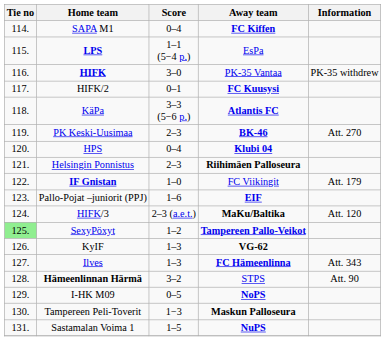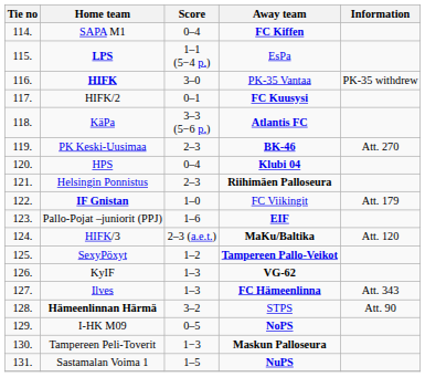 <table class="wikitable" style="text-align:center">
 <tr>
 <th style= width="40px">Tie no</th>
 <th style= width="150px">Home team</th>
 <th style= width="60px">Score</th>
 <th style= width="150px">Away team</th>
 <th style= width="30px">Information</th>
 </tr>
 <tr>
 <td>114.</td>
 <td><a href='#'>SAPA</a> M1</td>
 <td>0–4</td>
 <td><strong><a href='#'>FC Kiffen</a></strong></td>
 <td></td>
 </tr>
 <tr>
 <td>115.</td>
 <td><strong><a href='#'>LPS</a></strong></td>
 <td>1–1<br>(5−4 <a href='#'>p.</a>)</td>
 <td><a href='#'>EsPa</a></td>
 <td></td>
 </tr>
 <tr>
 <td>116.</td>
 <td><strong><a href='#'>HIFK</a></strong></td>
 <td>3–0</td>
 <td><a href='#'>PK-35 Vantaa</a></td>
 <td>PK-35 withdrew</td>
 </tr>
 <tr>
 <td>117.</td>
 <td>HIFK/2</td>
 <td>0–1</td>
 <td><strong><a href='#'>FC Kuusysi</a></strong></td>
 <td></td>
 </tr>
 <tr>
 <td>118.</td>
 <td><a href='#'>KäPa</a></td>
 <td>3–3<br>(5−6 <a href='#'>p.</a>)</td>
 <td><strong><a href='#'>Atlantis FC</a></strong></td>
 <td></td>
 </tr>
 <tr>
 <td>119.</td>
 <td><a href='#'>PK Keski-Uusimaa</a></td>
 <td>2–3</td>
 <td><strong><a href='#'>BK-46</a></strong></td>
 <td>Att. 270</td>
 </tr>
 <tr>
 <td>120.</td>
 <td><a href='#'>HPS</a></td>
 <td>0–4</td>
 <td><strong><a href='#'>Klubi 04</a></strong></td>
 <td></td>
 </tr>
 <tr>
 <td>121.</td>
 <td><a href='#'>Helsingin Ponnistus</a></td>
 <td>2–3</td>
 <td><strong>Riihimäen Palloseura</strong></td>
 <td></td>
 </tr>
 <tr>
 <td>122.</td>
 <td><strong><a href='#'>IF Gnistan</a></strong></td>
 <td>1–0</td>
 <td><a href='#'>FC Viikingit</a></td>
 <td>Att. 179</td>
 </tr>
 <tr>
 <td>123.</td>
 <td>Pallo-Pojat –juniorit (PPJ)</td>
 <td>1–6</td>
 <td><strong><a href='#'>EIF</a></strong></td>
 <td></td>
 </tr>
 <tr>
 <td>124.</td>
 <td><a href='#'>HIFK</a>/3</td>
 <td>2–3 (<a href='#'>a.e.t.</a>)</td>
 <td><strong>MaKu/Baltika</strong></td>
 <td>Att. 120</td>
 </tr>
 <tr>
-<td style="background: lightgreen;">125.</td>
+<td>125.</td>
 <td><a href='#'>SexyPöxyt</a></td>
 <td>1–2</td>
 <td><strong><a href='#'>Tampereen Pallo-Veikot</a></strong></td>
 <td></td>
 </tr>
 <tr>
 <td>126.</td>
 <td>KyIF</td>
 <td>1–3</td>
 <td><strong>VG-62</strong></td>
 <td></td>
 </tr>
 <tr>
 <td>127.</td>
 <td><a href='#'>Ilves</a></td>
 <td>1–3</td>
 <td><strong><a href='#'>FC Hämeenlinna</a></strong></td>
 <td>Att. 343</td>
 </tr>
 <tr>
 <td>128.</td>
 <td><strong>Hämeenlinnan Härmä</strong></td>
 <td>3–2</td>
 <td><a href='#'>STPS</a></td>
 <td>Att. 90</td>
 </tr>
 <tr>
 <td>129.</td>
 <td>I-HK M09</td>
 <td>0–5</td>
 <td><strong><a href='#'>NoPS</a></strong></td>
 <td></td>
 </tr>
 <tr>
 <td>130.</td>
 <td>Tampereen Peli-Toverit</td>
 <td>1−3</td>
 <td><strong>Maskun Palloseura</strong></td>
 <td></td>
 </tr>
 <tr>
 <td>131.</td>
 <td>Sastamalan Voima 1</td>
 <td>1–5</td>
 <td><strong><a href='#'>NuPS</a></strong></td>
 <td></td>
 </tr>
 <tr>
 </tr>
 </table>
